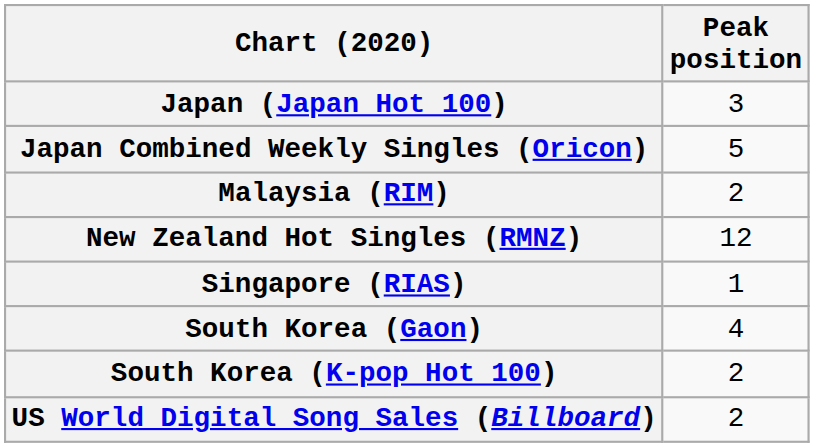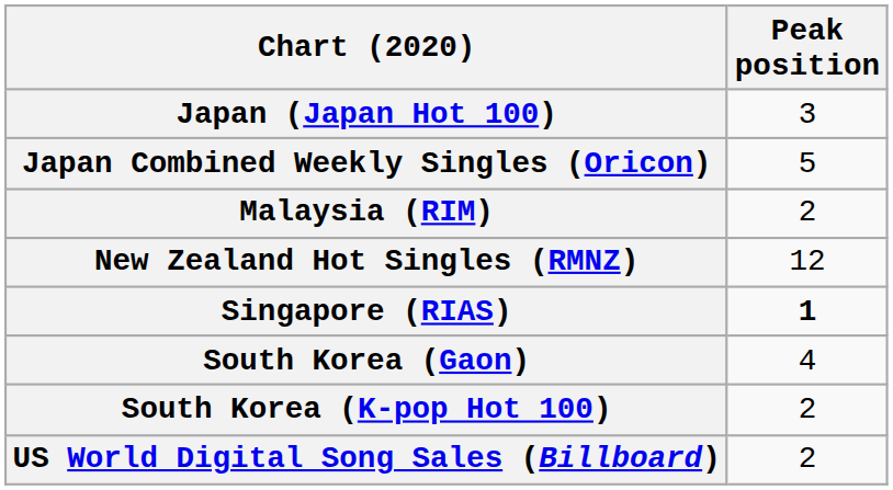 <table class="wikitable sortable plainrowheaders" style="text-align:center">
 <tr>
 <th scope="col">Chart (2020)</th>
 <th scope="col">Peak<br>position</th>
 </tr>
 <tr>
 <th scope="row">Japan (<a href='#'>Japan Hot 100</a>)</th>
 <td>3</td>
 </tr>
 <tr>
 <th scope="row">Japan Combined Weekly Singles (<a href='#'>Oricon</a>)</th>
 <td>5</td>
 </tr>
 <tr>
 <th scope="row">Malaysia (<a href='#'>RIM</a>)</th>
 <td>2</td>
 </tr>
 <tr>
 <th scope="row">New Zealand Hot Singles (<a href='#'>RMNZ</a>)</th>
 <td>12</td>
 </tr>
 <tr>
 <th scope="row">Singapore (<a href='#'>RIAS</a>)</th>
-<td>1</td>
+<td><strong>1</strong></td>
 </tr>
 <tr>
 <th scope="row">South Korea (<a href='#'>Gaon</a>)</th>
 <td>4</td>
 </tr>
 <tr>
 <th scope="row">South Korea (<a href='#'>K-pop Hot 100</a>)</th>
 <td>2</td>
 </tr>
 <tr>
 <th scope="row">US <a href='#'>World Digital Song Sales</a> (<em><a href='#'>Billboard</a></em>)</th>
 <td>2</td>
 </tr>
 </table>
